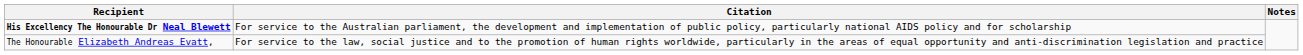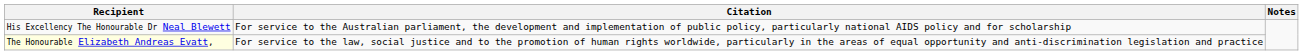 <table class="wikitable" style="font-size:95%;">
 <tr>
 <th>Recipient</th>
 <th>Citation</th>
 <th>Notes</th>
 </tr>
 <tr>
-<td><strong><small>His Excellency The Honourable Dr</small> <a href='#'>Neal Blewett</a></strong></td>
+<td><small>His Excellency The Honourable Dr</small> <a href='#'>Neal Blewett</a></td>
 <td>For service to the Australian parliament, the development and implementation of public policy, particularly national AIDS policy and for scholarship</td>
 <td rowspan="2"></td>
 </tr>
 <tr>
-<td><small>The Honourable</small> <a href='#'>Elizabeth Andreas Evatt</a>, </td>
+<td style="background: lightyellow;"><small>The Honourable</small> <a href='#'>Elizabeth Andreas Evatt</a>, </td>
 <td>For service to the law, social justice and to the promotion of human rights worldwide, particularly in the areas of equal opportunity and anti-discrimination legislation and practice</td>
 </tr>
 </table>
